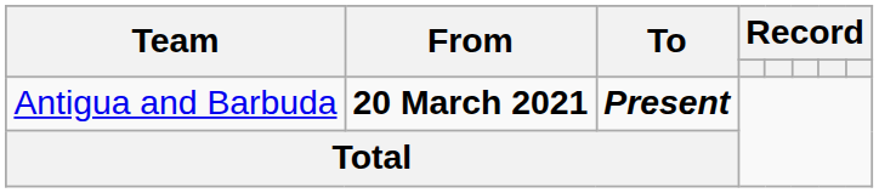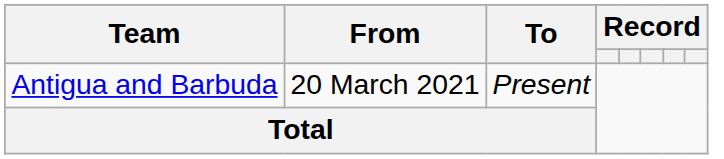 <table class=wikitable style=text-align:center>
 <tr>
 <th rowspan=2>Team</th>
 <th rowspan=2>From</th>
 <th rowspan=2>To</th>
 <th colspan=5>Record</th>
 </tr>
 <tr>
 <th></th>
 <th></th>
 <th></th>
 <th></th>
 <th></th>
 </tr>
 <tr>
 <td align=left><a href='#'>Antigua and Barbuda</a></td>
-<td align=left><strong>20 March 2021</strong></td>
-<td align=left><strong><em>Present</em><br></strong></td>
+<td align=left>20 March 2021</td>
+<td align=left><em>Present</em><br></td>
 </tr>
 <tr>
 <th colspan=3>Total<br></th>
 </tr>
 </table>
